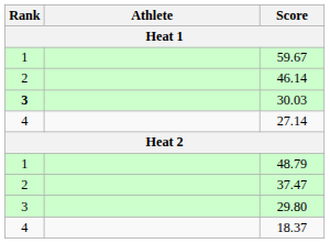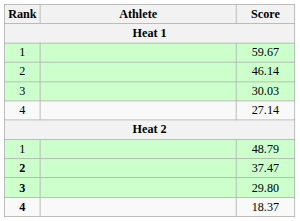 <table class=wikitable style="text-align:center">
 <tr>
 <th width=40>Rank</th>
 <th width=250>Athlete</th>
 <th width=70>Score</th>
 </tr>
 <tr>
 <th colspan=3>Heat 1</th>
 </tr>
 <tr bgcolor="ccffcc">
 <td>1</td>
 <td align=left></td>
 <td>59.67</td>
 </tr>
 <tr bgcolor="ccffcc">
 <td>2</td>
 <td align=left></td>
 <td>46.14</td>
 </tr>
 <tr bgcolor="ccffcc">
-<td><strong>3</strong></td>
+<td>3</td>
 <td align=left></td>
 <td>30.03</td>
 </tr>
 <tr>
 <td>4</td>
 <td align=left></td>
 <td>27.14</td>
 </tr>
 <tr>
 <th colspan=3>Heat 2</th>
 </tr>
 <tr bgcolor="ccffcc">
 <td>1</td>
 <td align=left></td>
 <td>48.79</td>
 </tr>
 <tr bgcolor="ccffcc">
-<td>2</td>
+<td><strong>2</strong></td>
 <td align=left></td>
 <td>37.47</td>
 </tr>
 <tr bgcolor="ccffcc">
-<td>3</td>
+<td><strong>3</strong></td>
 <td align=left></td>
 <td>29.80</td>
 </tr>
 <tr>
-<td>4</td>
+<td><strong>4</strong></td>
 <td align=left></td>
 <td>18.37</td>
 </tr>
 </table>
